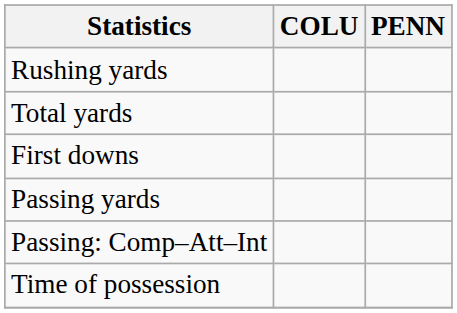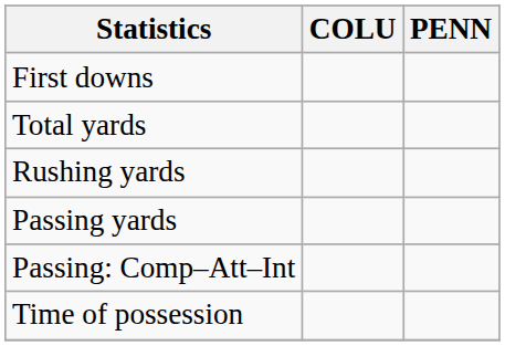 <table class="wikitable" style="float: left;">
 <tr>
 <th>Statistics</th>
 <th>COLU</th>
 <th>PENN</th>
 </tr>
 <tr>
-<td>Rushing yards</td>
+<td>First downs</td>
 <td></td>
 <td></td>
 </tr>
 <tr>
 <td>Total yards</td>
 <td></td>
 <td></td>
 </tr>
 <tr>
-<td>First downs</td>
+<td>Rushing yards</td>
 <td></td>
 <td></td>
 </tr>
 <tr>
 <td>Passing yards</td>
 <td></td>
 <td></td>
 </tr>
 <tr>
 <td>Passing: Comp–Att–Int</td>
 <td></td>
 <td></td>
 </tr>
 <tr>
 <td>Time of possession</td>
 <td></td>
 <td></td>
 </tr>
 <tr>
 </tr>
 </table>
